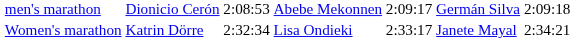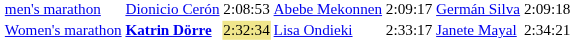 <table>
 <tr>
 <td><a href='#'>men's marathon</a></td>
 <td> <a href='#'>Dionicio Cerón</a></td>
 <td>2:08:53</td>
 <td> <a href='#'>Abebe Mekonnen</a></td>
 <td>2:09:17</td>
 <td> <a href='#'>Germán Silva</a></td>
 <td>2:09:18</td>
 </tr>
 <tr>
 <td><a href='#'>Women's marathon</a></td>
-<td> <a href='#'>Katrin Dörre</a></td>
-<td>2:32:34</td>
+<td><strong> <a href='#'>Katrin Dörre</a></strong></td>
+<td style="background: khaki;">2:32:34</td>
 <td> <a href='#'>Lisa Ondieki</a></td>
 <td>2:33:17</td>
 <td> <a href='#'>Janete Mayal</a></td>
 <td>2:34:21</td>
 </tr>
 </table>
